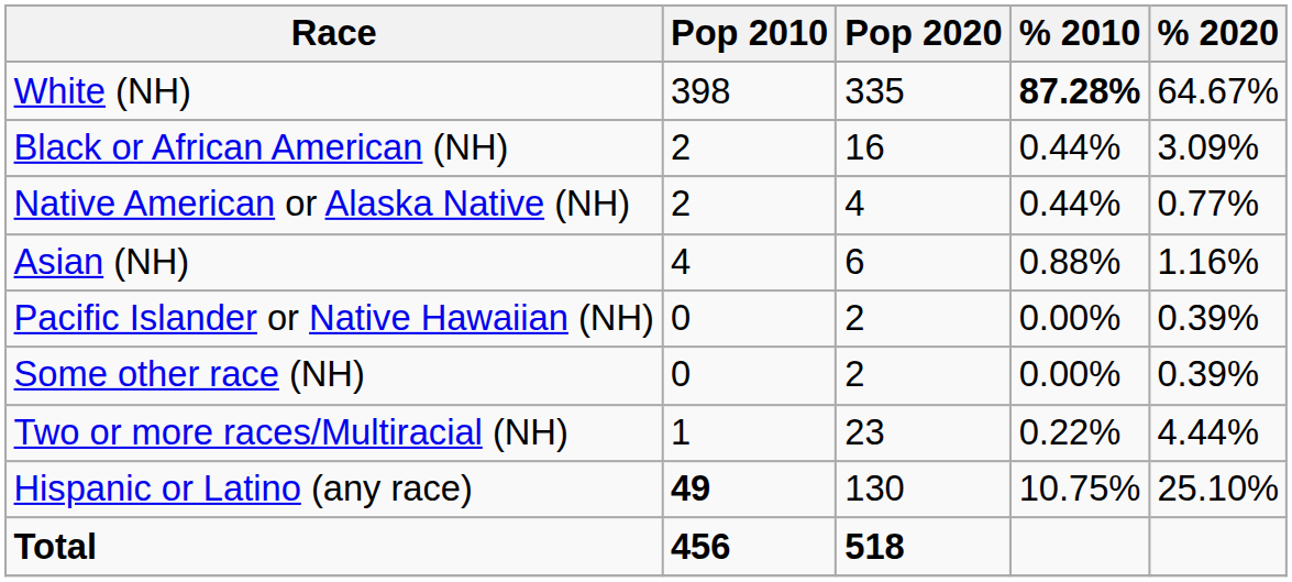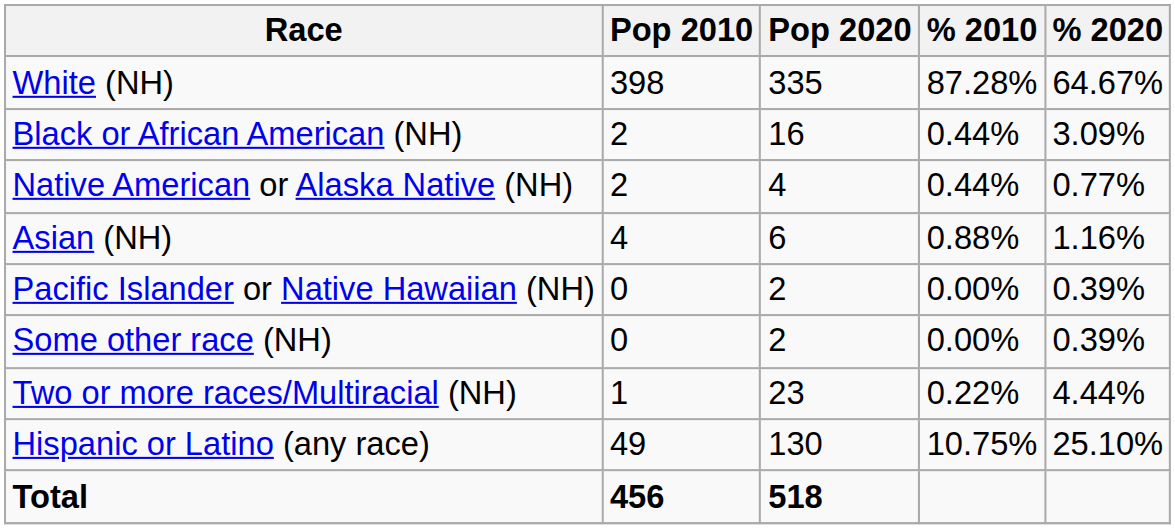 <table class="wikitable">
 <tr>
 <th>Race</th>
 <th>Pop 2010</th>
 <th>Pop 2020</th>
 <th>% 2010</th>
 <th>% 2020</th>
 </tr>
 <tr>
 <td><a href='#'>White</a> (NH)</td>
 <td>398</td>
 <td>335</td>
-<td><strong>87.28%</strong></td>
+<td>87.28%</td>
 <td>64.67%</td>
 </tr>
 <tr>
 <td><a href='#'>Black or African American</a> (NH)</td>
 <td>2</td>
 <td>16</td>
 <td>0.44%</td>
 <td>3.09%</td>
 </tr>
 <tr>
 <td><a href='#'>Native American</a> or <a href='#'>Alaska Native</a> (NH)</td>
 <td>2</td>
 <td>4</td>
 <td>0.44%</td>
 <td>0.77%</td>
 </tr>
 <tr>
 <td><a href='#'>Asian</a> (NH)</td>
 <td>4</td>
 <td>6</td>
 <td>0.88%</td>
 <td>1.16%</td>
 </tr>
 <tr>
 <td><a href='#'>Pacific Islander</a> or <a href='#'>Native Hawaiian</a> (NH)</td>
 <td>0</td>
 <td>2</td>
 <td>0.00%</td>
 <td>0.39%</td>
 </tr>
 <tr>
 <td><a href='#'>Some other race</a> (NH)</td>
 <td>0</td>
 <td>2</td>
 <td>0.00%</td>
 <td>0.39%</td>
 </tr>
 <tr>
 <td><a href='#'>Two or more races/Multiracial</a> (NH)</td>
 <td>1</td>
 <td>23</td>
 <td>0.22%</td>
 <td>4.44%</td>
 </tr>
 <tr>
 <td><a href='#'>Hispanic or Latino</a> (any race)</td>
-<td><strong>49</strong></td>
+<td>49</td>
 <td>130</td>
 <td>10.75%</td>
 <td>25.10%</td>
 </tr>
 <tr>
 <td><strong>Total</strong></td>
 <td><strong>456</strong></td>
 <td><strong>518</strong></td>
 <td></td>
 <td></td>
 </tr>
 <tr>
 </tr>
 </table>
